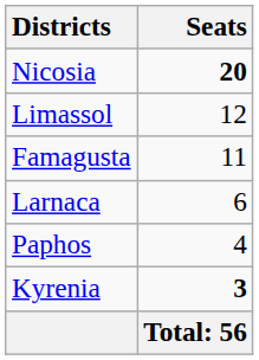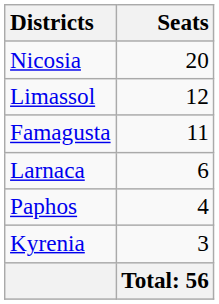 <table class="wikitable">
 <tr>
 <th style="text-align: left;">Districts</th>
 <th style="text-align: right;">Seats</th>
 </tr>
 <tr>
 <td><a href='#'>Nicosia</a></td>
-<td style="text-align: right;"><strong>20</strong></td>
+<td style="text-align: right;">20</td>
 </tr>
 <tr>
 <td><a href='#'>Limassol</a></td>
 <td style="text-align: right;">12</td>
 </tr>
 <tr>
 <td><a href='#'>Famagusta</a></td>
 <td style="text-align: right;">11</td>
 </tr>
 <tr>
 <td><a href='#'>Larnaca</a></td>
 <td style="text-align: right;">6</td>
 </tr>
 <tr>
 <td><a href='#'>Paphos</a></td>
 <td style="text-align: right;">4</td>
 </tr>
 <tr>
 <td><a href='#'>Kyrenia</a></td>
-<td style="text-align: right;"><strong>3</strong></td>
+<td style="text-align: right;">3</td>
 </tr>
 <tr>
 <th></th>
 <th style="text-align: right;">Total: 56</th>
 </tr>
 </table>
